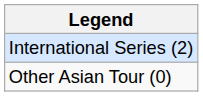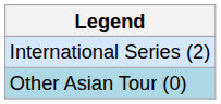 <table class="wikitable" style="font-size:95%;">
 <tr>
 <th>Legend</th>
 </tr>
 <tr style="background:#D6E8FF;">
 <td>International Series (2)</td>
 </tr>
 <tr>
-<td>Other Asian Tour (0)</td>
+<td style="background: lightblue;">Other Asian Tour (0)</td>
 </tr>
 </table>
